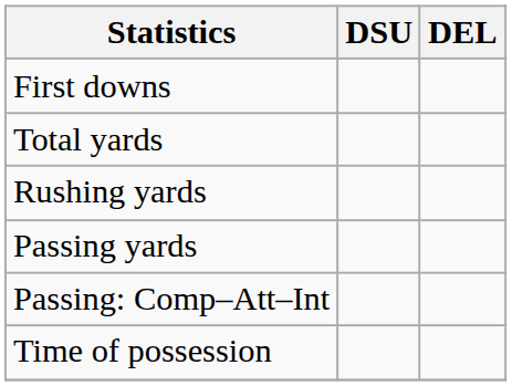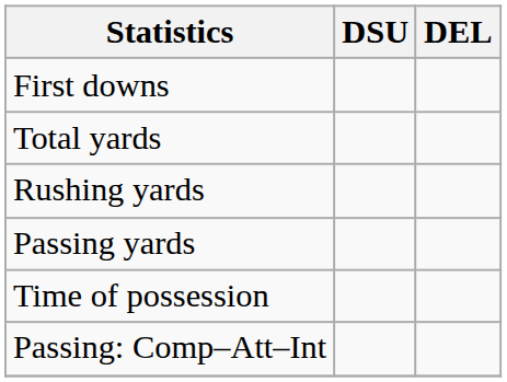 <table class="wikitable" style="float: left;">
 <tr>
 <th>Statistics</th>
 <th>DSU</th>
 <th>DEL</th>
 </tr>
 <tr>
 <td>First downs</td>
 <td></td>
 <td></td>
 </tr>
 <tr>
 <td>Total yards</td>
 <td></td>
 <td></td>
 </tr>
 <tr>
 <td>Rushing yards</td>
 <td></td>
 <td></td>
 </tr>
 <tr>
 <td>Passing yards</td>
 <td></td>
 <td></td>
 </tr>
 <tr>
-<td>Passing: Comp–Att–Int</td>
+<td>Time of possession</td>
 <td></td>
 <td></td>
 </tr>
 <tr>
-<td>Time of possession</td>
+<td>Passing: Comp–Att–Int</td>
 <td></td>
 <td></td>
 </tr>
 <tr>
 </tr>
 </table>
